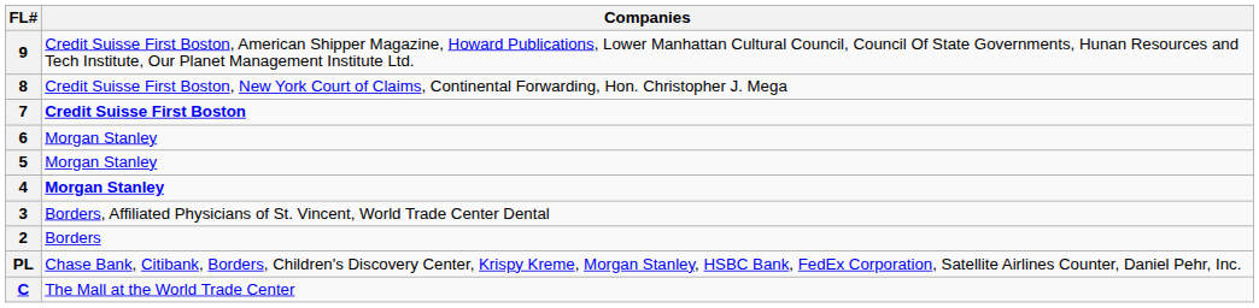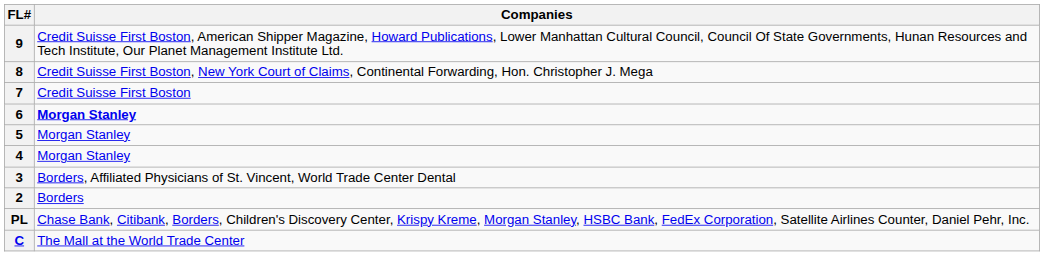 <table class="wikitable">
 <tr>
 <th>FL#</th>
 <th>Companies</th>
 </tr>
 <tr>
 <th>9</th>
 <td><a href='#'>Credit Suisse First Boston</a>, American Shipper Magazine, <a href='#'>Howard Publications</a>, Lower Manhattan Cultural Council, Council Of State Governments, Hunan Resources and Tech Institute, Our Planet Management Institute Ltd.</td>
 </tr>
 <tr>
 <th>8</th>
 <td><a href='#'>Credit Suisse First Boston</a>, <a href='#'>New York Court of Claims</a>, Continental Forwarding, Hon. Christopher J. Mega</td>
 </tr>
 <tr>
 <th>7</th>
-<td><strong><a href='#'>Credit Suisse First Boston</a></strong></td>
+<td><a href='#'>Credit Suisse First Boston</a></td>
 </tr>
 <tr>
 <th>6</th>
-<td><a href='#'>Morgan Stanley</a></td>
+<td><strong><a href='#'>Morgan Stanley</a></strong></td>
 </tr>
 <tr>
 <th>5</th>
 <td><a href='#'>Morgan Stanley</a></td>
 </tr>
 <tr>
 <th>4</th>
-<td><strong><a href='#'>Morgan Stanley</a></strong></td>
+<td><a href='#'>Morgan Stanley</a></td>
 </tr>
 <tr>
 <th>3</th>
 <td><a href='#'>Borders</a>, Affiliated Physicians of St. Vincent, World Trade Center Dental</td>
 </tr>
 <tr>
 <th>2</th>
 <td><a href='#'>Borders</a></td>
 </tr>
 <tr>
 <th>PL</th>
 <td><a href='#'>Chase Bank</a>, <a href='#'>Citibank</a>, <a href='#'>Borders</a>, Children's Discovery Center, <a href='#'>Krispy Kreme</a>, <a href='#'>Morgan Stanley</a>, <a href='#'>HSBC Bank</a>, <a href='#'>FedEx Corporation</a>, Satellite Airlines Counter, Daniel Pehr, Inc.</td>
 </tr>
 <tr>
 <th><a href='#'>C</a></th>
 <td><a href='#'>The Mall at the World Trade Center</a></td>
 </tr>
 </table>
